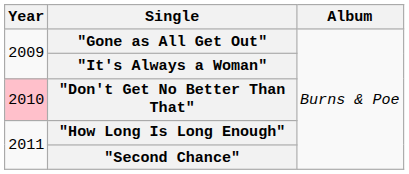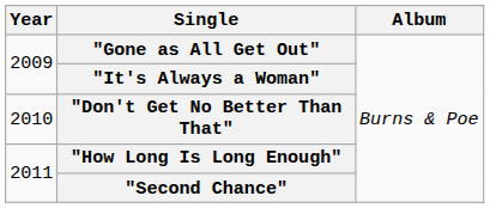 <table class="wikitable plainrowheaders">
 <tr>
 <th>Year</th>
 <th style="width:16em;">Single</th>
 <th>Album</th>
 </tr>
 <tr>
 <td rowspan=2>2009</td>
 <th scope="row">"Gone as All Get Out"</th>
 <td rowspan="5"><em>Burns & Poe</em></td>
 </tr>
 <tr>
 <th scope="row">"It's Always a Woman"</th>
 </tr>
 <tr>
-<td style="background: pink;">2010</td>
+<td>2010</td>
 <th scope="row">"Don't Get No Better Than That"</th>
 </tr>
 <tr>
 <td rowspan=2>2011</td>
 <th scope="row">"How Long Is Long Enough"</th>
 </tr>
 <tr>
 <th scope="row">"Second Chance"</th>
 </tr>
 </table>
